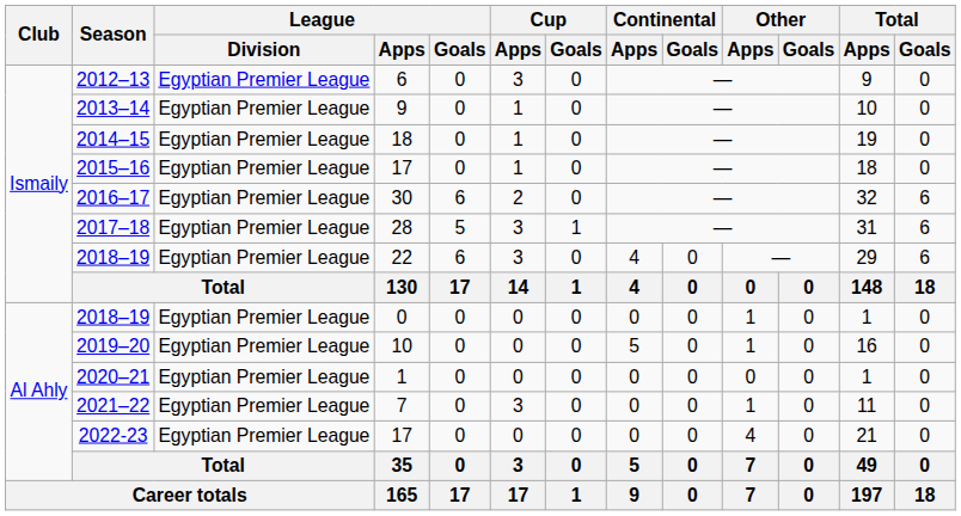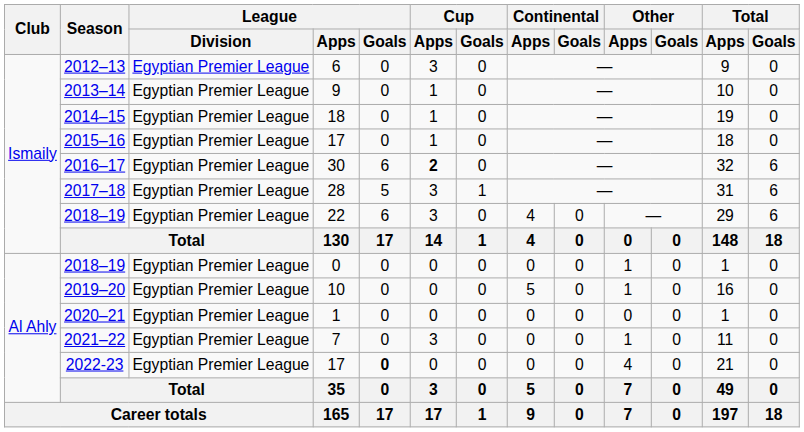 <table class=wikitable style=text-align:center>
 <tr>
 <th rowspan="2">Club</th>
 <th rowspan="2">Season</th>
 <th colspan="3">League</th>
 <th colspan="2">Cup</th>
 <th colspan="2">Continental</th>
 <th colspan="2">Other</th>
 <th colspan="2">Total</th>
 </tr>
 <tr>
 <th>Division</th>
 <th>Apps</th>
 <th>Goals</th>
 <th>Apps</th>
 <th>Goals</th>
 <th>Apps</th>
 <th>Goals</th>
 <th>Apps</th>
 <th>Goals</th>
 <th>Apps</th>
 <th>Goals</th>
 </tr>
 <tr>
 <td rowspan="8"><a href='#'>Ismaily</a></td>
 <td><a href='#'>2012–13</a></td>
 <td><a href='#'>Egyptian Premier League</a></td>
 <td>6</td>
 <td>0</td>
 <td>3</td>
 <td>0</td>
 <td colspan=4>—</td>
 <td>9</td>
 <td>0</td>
 </tr>
 <tr>
 <td><a href='#'>2013–14</a></td>
 <td>Egyptian Premier League</td>
 <td>9</td>
 <td>0</td>
 <td>1</td>
 <td>0</td>
 <td colspan=4>—</td>
 <td>10</td>
 <td>0</td>
 </tr>
 <tr>
 <td><a href='#'>2014–15</a></td>
 <td>Egyptian Premier League</td>
 <td>18</td>
 <td>0</td>
 <td>1</td>
 <td>0</td>
 <td colspan=4>—</td>
 <td>19</td>
 <td>0</td>
 </tr>
 <tr>
 <td><a href='#'>2015–16</a></td>
 <td>Egyptian Premier League</td>
 <td>17</td>
 <td>0</td>
 <td>1</td>
 <td>0</td>
 <td colspan=4>—</td>
 <td>18</td>
 <td>0</td>
 </tr>
 <tr>
 <td><a href='#'>2016–17</a></td>
 <td>Egyptian Premier League</td>
 <td>30</td>
 <td>6</td>
-<td>2</td>
+<td><strong>2</strong></td>
 <td>0</td>
 <td colspan=4>—</td>
 <td>32</td>
 <td>6</td>
 </tr>
 <tr>
 <td><a href='#'>2017–18</a></td>
 <td>Egyptian Premier League</td>
 <td>28</td>
 <td>5</td>
 <td>3</td>
 <td>1</td>
 <td colspan=4>—</td>
 <td>31</td>
 <td>6</td>
 </tr>
 <tr>
 <td><a href='#'>2018–19</a></td>
 <td>Egyptian Premier League</td>
 <td>22</td>
 <td>6</td>
 <td>3</td>
 <td>0</td>
 <td>4</td>
 <td>0</td>
 <td colspan=2>—</td>
 <td>29</td>
 <td>6</td>
 </tr>
 <tr>
 <th colspan="2">Total</th>
 <th>130</th>
 <th>17</th>
 <th>14</th>
 <th>1</th>
 <th>4</th>
 <th>0</th>
 <th>0</th>
 <th>0</th>
 <th>148</th>
 <th>18</th>
 </tr>
 <tr>
 <td rowspan="6"><a href='#'>Al Ahly</a></td>
 <td><a href='#'>2018–19</a></td>
 <td>Egyptian Premier League</td>
 <td>0</td>
 <td>0</td>
 <td>0</td>
 <td>0</td>
 <td>0</td>
 <td>0</td>
 <td>1</td>
 <td>0</td>
 <td>1</td>
 <td>0</td>
 </tr>
 <tr>
 <td><a href='#'>2019–20</a></td>
 <td>Egyptian Premier League</td>
 <td>10</td>
 <td>0</td>
 <td>0</td>
 <td>0</td>
 <td>5</td>
 <td>0</td>
 <td>1</td>
 <td>0</td>
 <td>16</td>
 <td>0</td>
 </tr>
 <tr>
 <td><a href='#'>2020–21</a></td>
 <td>Egyptian Premier League</td>
 <td>1</td>
 <td>0</td>
 <td>0</td>
 <td>0</td>
 <td>0</td>
 <td>0</td>
 <td>0</td>
 <td>0</td>
 <td>1</td>
 <td>0</td>
 </tr>
 <tr>
 <td><a href='#'>2021–22</a></td>
 <td>Egyptian Premier League</td>
 <td>7</td>
 <td>0</td>
 <td>3</td>
 <td>0</td>
 <td>0</td>
 <td>0</td>
 <td>1</td>
 <td>0</td>
 <td>11</td>
 <td>0</td>
 </tr>
 <tr>
 <td><a href='#'>2022-23</a></td>
 <td>Egyptian Premier League</td>
 <td>17</td>
-<td>0</td>
+<td><strong>0</strong></td>
 <td>0</td>
 <td>0</td>
 <td>0</td>
 <td>0</td>
 <td>4</td>
 <td>0</td>
 <td>21</td>
 <td>0</td>
 </tr>
 <tr>
 <th colspan="2">Total</th>
 <th>35</th>
 <th>0</th>
 <th>3</th>
 <th>0</th>
 <th>5</th>
 <th>0</th>
 <th>7</th>
 <th>0</th>
 <th>49</th>
 <th>0</th>
 </tr>
 <tr>
 <th colspan=3>Career totals</th>
 <th>165</th>
 <th>17</th>
 <th>17</th>
 <th>1</th>
 <th>9</th>
 <th>0</th>
 <th>7</th>
 <th>0</th>
 <th>197</th>
 <th>18</th>
 </tr>
 </table>
